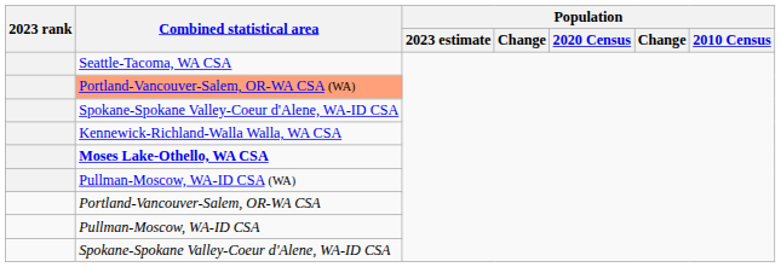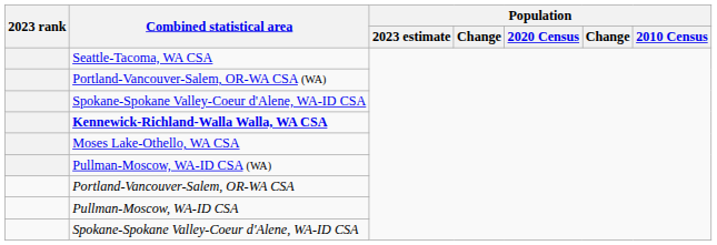 <table class="wikitable sortable">
 <tr>
 <th scope=col rowspan=2>2023 rank</th>
 <th scope=col rowspan=2><a href='#'>Combined statistical area</a></th>
 <th colspan=5>Population</th>
 </tr>
 <tr>
 <th scope=col>2023 estimate</th>
 <th scope=col>Change</th>
 <th scope=col><a href='#'>2020 Census</a></th>
 <th scope=col>Change</th>
 <th scope=col><a href='#'>2010 Census</a></th>
 </tr>
 <tr>
 <th scope=row></th>
 <td><a href='#'>Seattle-Tacoma, WA CSA</a><br></td>
 </tr>
 <tr>
 <th scope=row></th>
-<td style="background: lightsalmon;"><a href='#'>Portland-Vancouver-Salem, OR-WA CSA</a> <small>(WA)</small><br></td>
+<td><a href='#'>Portland-Vancouver-Salem, OR-WA CSA</a> <small>(WA)</small><br></td>
 </tr>
 <tr>
 <th scope=row></th>
 <td><a href='#'>Spokane-Spokane Valley-Coeur d'Alene, WA-ID CSA</a><br></td>
 </tr>
 <tr>
 <th scope=row></th>
-<td><a href='#'>Kennewick-Richland-Walla Walla, WA CSA</a><br></td>
+<td><strong><a href='#'>Kennewick-Richland-Walla Walla, WA CSA</a><br></strong></td>
 </tr>
 <tr>
 <th scope=row></th>
-<td><strong><a href='#'>Moses Lake-Othello, WA CSA</a><br></strong></td>
+<td><a href='#'>Moses Lake-Othello, WA CSA</a><br></td>
 </tr>
 <tr>
 <th scope=row></th>
 <td><a href='#'>Pullman-Moscow, WA-ID CSA</a> <small>(WA)</small><br></td>
 </tr>
 <tr>
 <td></td>
 <td><em><span>Portland-Vancouver-Salem, OR-WA CSA</span></em><br></td>
 </tr>
 <tr>
 <td></td>
 <td><em><span>Pullman-Moscow, WA-ID CSA</span></em><br></td>
 </tr>
 <tr>
 <td></td>
 <td><em><span>Spokane-Spokane Valley-Coeur d'Alene, WA-ID CSA</span></em><br></td>
 </tr>
 </table>
